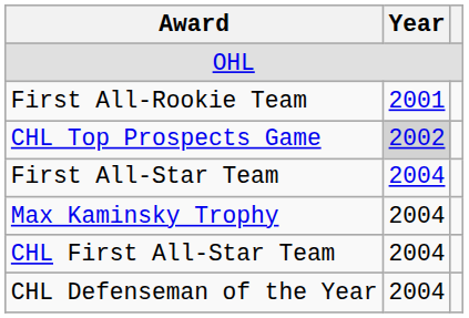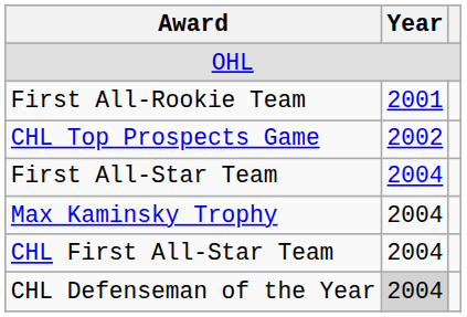 <table class="wikitable">
 <tr>
 <th>Award</th>
 <th>Year</th>
 <th></th>
 </tr>
 <tr ALIGN="center" bgcolor="#e0e0e0">
 <td colspan="3"><a href='#'>OHL</a></td>
 </tr>
 <tr>
 <td>First All-Rookie Team</td>
 <td><a href='#'>2001</a></td>
 <td></td>
 </tr>
 <tr>
 <td><a href='#'>CHL Top Prospects Game</a></td>
-<td style="background: lightgrey;"><a href='#'>2002</a></td>
+<td><a href='#'>2002</a></td>
 <td></td>
 </tr>
 <tr>
 <td>First All-Star Team</td>
 <td><a href='#'>2004</a></td>
 <td></td>
 </tr>
 <tr>
 <td><a href='#'>Max Kaminsky Trophy</a></td>
 <td>2004</td>
 <td></td>
 </tr>
 <tr>
 <td><a href='#'>CHL</a> First All-Star Team</td>
 <td>2004</td>
 <td></td>
 </tr>
 <tr>
 <td>CHL Defenseman of the Year</td>
-<td>2004</td>
+<td style="background: lightgrey;">2004</td>
 <td></td>
 </tr>
 </table>
